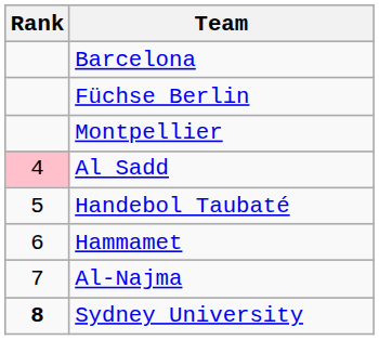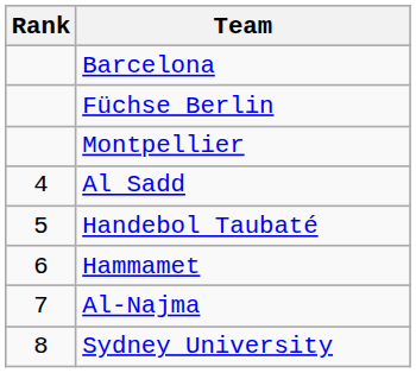 <table class="wikitable">
 <tr>
 <th>Rank</th>
 <th width=170>Team</th>
 </tr>
 <tr>
 <td align=center></td>
 <td> <a href='#'>Barcelona</a></td>
 </tr>
 <tr>
 <td align=center></td>
 <td> <a href='#'>Füchse Berlin</a></td>
 </tr>
 <tr>
 <td align=center></td>
 <td> <a href='#'>Montpellier</a></td>
 </tr>
 <tr>
-<td align=center style="background: pink;">4</td>
+<td align=center>4</td>
 <td> <a href='#'>Al Sadd</a></td>
 </tr>
 <tr>
 <td align=center>5</td>
 <td> <a href='#'>Handebol Taubaté</a></td>
 </tr>
 <tr>
 <td align=center>6</td>
 <td> <a href='#'>Hammamet</a></td>
 </tr>
 <tr>
 <td align=center>7</td>
 <td> <a href='#'>Al-Najma</a></td>
 </tr>
 <tr>
-<td align=center><strong>8</strong></td>
+<td align=center>8</td>
 <td> <a href='#'>Sydney University</a></td>
 </tr>
 </table>
